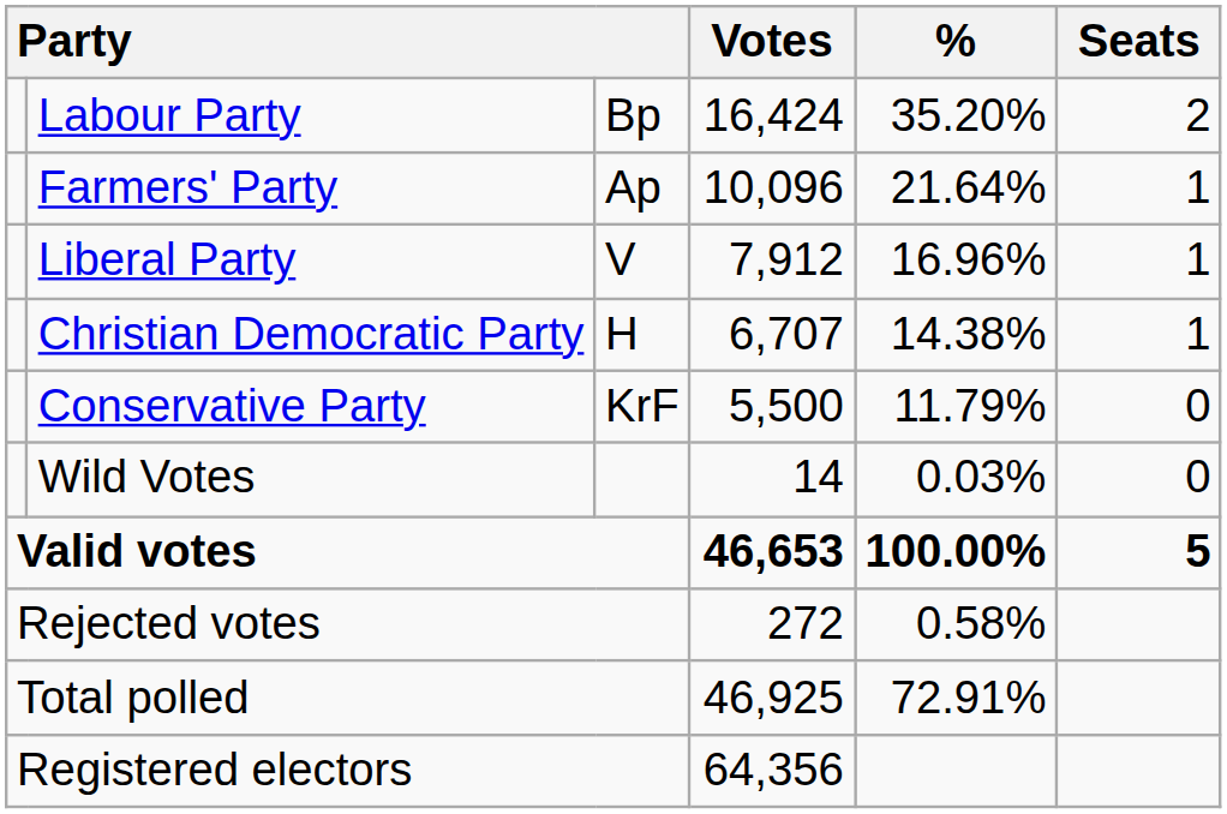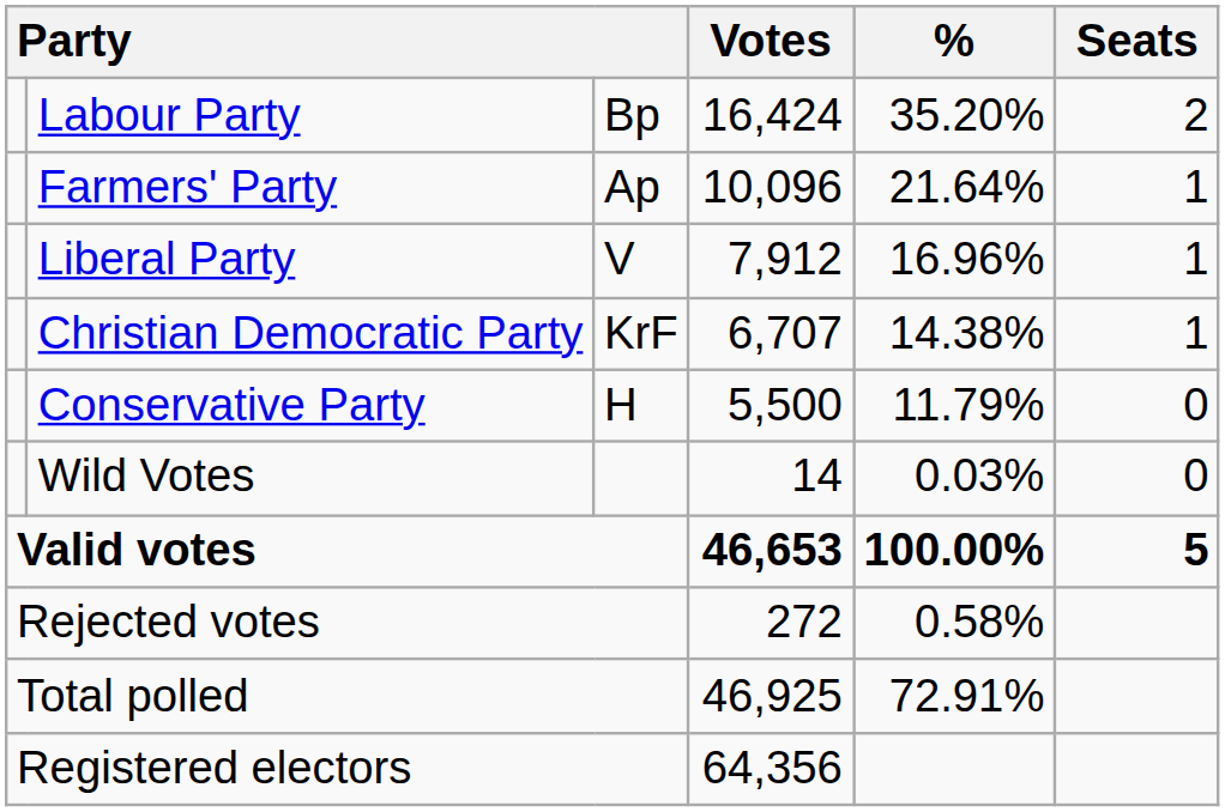 <table class="wikitable" border="1" style="text-align:right;">
 <tr>
 <th style="text-align:left;" colspan=3>Party</th>
 <th align=center width="50">Votes</th>
 <th align=center width="50">%</th>
 <th align=center width="50">Seats</th>
 </tr>
 <tr>
 <td style="color:inherit;background:"></td>
 <td align=left><a href='#'>Labour Party</a></td>
 <td align=left>Bp</td>
 <td>16,424</td>
 <td>35.20%</td>
 <td>2</td>
 </tr>
 <tr>
 <td style="color:inherit;background:"></td>
 <td align=left><a href='#'>Farmers' Party</a></td>
 <td align=left>Ap</td>
 <td>10,096</td>
 <td>21.64%</td>
 <td>1</td>
 </tr>
 <tr>
 <td style="color:inherit;background:"></td>
 <td align=left><a href='#'>Liberal Party</a></td>
 <td align=left>V</td>
 <td>7,912</td>
 <td>16.96%</td>
 <td>1</td>
 </tr>
 <tr>
 <td style="color:inherit;background:"></td>
 <td align=left><a href='#'>Christian Democratic Party</a></td>
-<td align=left>H</td>
+<td align=left>KrF</td>
 <td>6,707</td>
 <td>14.38%</td>
 <td>1</td>
 </tr>
 <tr>
 <td style="color:inherit;background:"></td>
 <td align=left><a href='#'>Conservative Party</a></td>
-<td align=left>KrF</td>
+<td align=left>H</td>
 <td>5,500</td>
 <td>11.79%</td>
 <td>0</td>
 </tr>
 <tr>
 <td></td>
 <td align=left>Wild Votes</td>
 <td align=left></td>
 <td>14</td>
 <td>0.03%</td>
 <td>0</td>
 </tr>
 <tr style="font-weight:bold">
 <td align=left colspan=3>Valid votes</td>
 <td>46,653</td>
 <td>100.00%</td>
 <td>5</td>
 </tr>
 <tr>
 <td align=left colspan=3>Rejected votes</td>
 <td>272</td>
 <td>0.58%</td>
 <td></td>
 </tr>
 <tr>
 <td align=left colspan=3>Total polled</td>
 <td>46,925</td>
 <td>72.91%</td>
 <td></td>
 </tr>
 <tr>
 <td align=left colspan=3>Registered electors</td>
 <td>64,356</td>
 <td></td>
 <td></td>
 </tr>
 </table>
